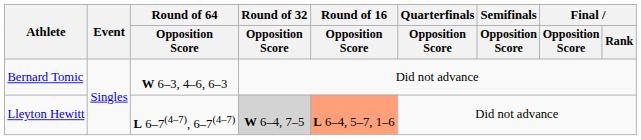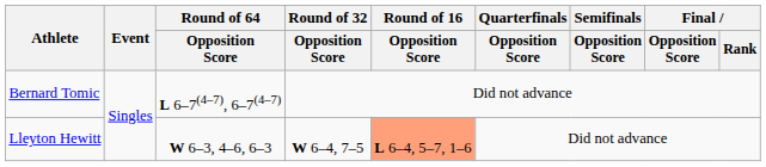 <table class=wikitable style="font-size:90%">
 <tr>
 <th rowspan="2">Athlete</th>
 <th rowspan="2">Event</th>
 <th>Round of 64</th>
 <th>Round of 32</th>
 <th>Round of 16</th>
 <th>Quarterfinals</th>
 <th>Semifinals</th>
 <th colspan=2>Final / </th>
 </tr>
 <tr style="font-size:95%">
 <th>Opposition<br>Score</th>
 <th>Opposition<br>Score</th>
 <th>Opposition<br>Score</th>
 <th>Opposition<br>Score</th>
 <th>Opposition<br>Score</th>
 <th>Opposition<br>Score</th>
 <th>Rank</th>
 </tr>
 <tr align=center>
 <td align=left><a href='#'>Bernard Tomic</a></td>
 <td align=left rowspan=2><a href='#'>Singles</a></td>
-<td><br><strong>W</strong> 6–3, 4–6, 6–3</td>
+<td> <br><strong>L</strong> 6–7<sup>(4–7)</sup>, 6–7<sup>(4–7)</sup></td>
 <td colspan=6>Did not advance</td>
 </tr>
 <tr align=center>
 <td align=left><a href='#'>Lleyton Hewitt</a></td>
-<td> <br><strong>L</strong> 6–7<sup>(4–7)</sup>, 6–7<sup>(4–7)</sup></td>
-<td style="background: lightgrey;"><br><strong>W</strong> 6–4, 7–5</td>
+<td><br><strong>W</strong> 6–3, 4–6, 6–3</td>
+<td><br><strong>W</strong> 6–4, 7–5</td>
 <td style="background: lightsalmon;"><br> <strong>L</strong> 6–4, 5–7, 1–6</td>
 <td colspan=4>Did not advance</td>
 </tr>
 </table>
